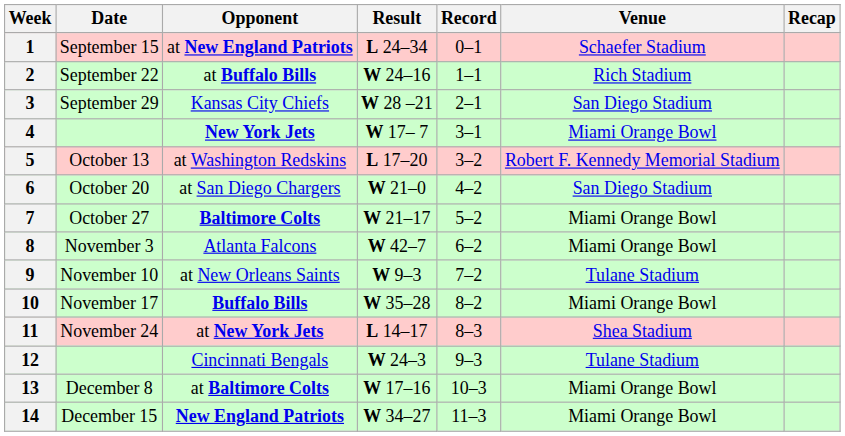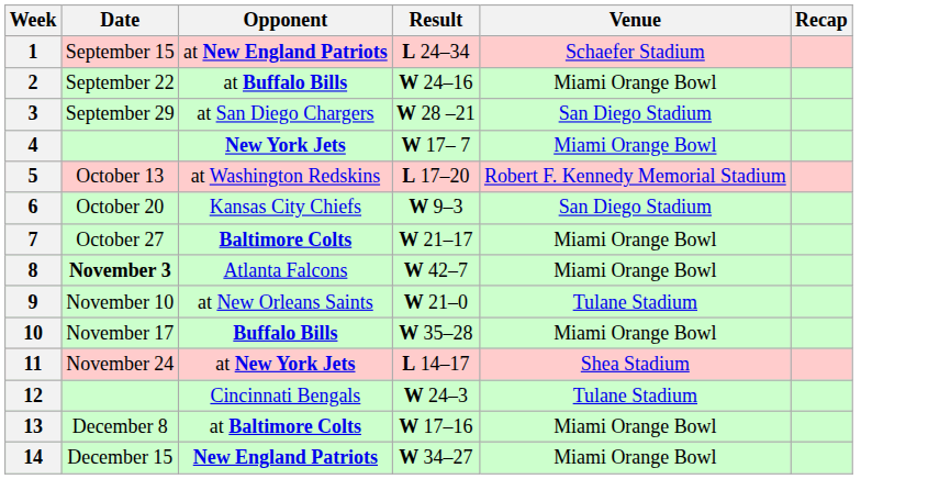 <table class="wikitable" style="text-align:center">
 <tr>
 <th>Week</th>
 <th>Date</th>
 <th>Opponent</th>
 <th>Result</th>
-<th>Record</th>
 <th>Venue</th>
 <th>Recap</th>
 </tr>
 <tr style="text-align:center; background:#fcc;">
 <th>1</th>
 <td>September 15</td>
 <td>at <strong><a href='#'>New England Patriots</a></strong></td>
 <td><strong>L</strong> 24–34</td>
-<td>0–1</td>
 <td><a href='#'>Schaefer Stadium</a></td>
 <td></td>
 </tr>
 <tr style="text-align:center; background:#cfc;">
 <th>2</th>
 <td>September 22</td>
 <td>at <strong><a href='#'>Buffalo Bills</a></strong></td>
 <td><strong>W</strong> 24–16</td>
-<td>1–1</td>
-<td><a href='#'>Rich Stadium</a></td>
+<td>Miami Orange Bowl</td>
 <td></td>
 </tr>
 <tr style="text-align:center; background:#cfc;">
 <th>3</th>
 <td>September 29</td>
-<td><a href='#'>Kansas City Chiefs</a></td>
+<td>at <a href='#'>San Diego Chargers</a></td>
 <td><strong>W</strong> 28 –21</td>
-<td>2–1</td>
 <td><a href='#'>San Diego Stadium</a></td>
 <td></td>
 </tr>
 <tr style="text-align:center; background:#cfc;">
 <th>4</th>
 <td></td>
 <td><strong><a href='#'>New York Jets</a></strong></td>
 <td><strong>W</strong> 17– 7</td>
-<td>3–1</td>
 <td><a href='#'>Miami Orange Bowl</a></td>
 <td></td>
 </tr>
 <tr style="text-align:center; background:#fcc;">
 <th>5</th>
 <td>October 13</td>
 <td>at <a href='#'>Washington Redskins</a></td>
 <td><strong>L</strong> 17–20</td>
-<td>3–2</td>
 <td><a href='#'>Robert F. Kennedy Memorial Stadium</a></td>
 <td></td>
 </tr>
 <tr style="text-align:center; background:#cfc;">
 <th>6</th>
 <td>October 20</td>
-<td>at <a href='#'>San Diego Chargers</a></td>
-<td><strong>W</strong> 21–0</td>
-<td>4–2</td>
+<td><a href='#'>Kansas City Chiefs</a></td>
+<td><strong>W</strong> 9–3</td>
 <td><a href='#'>San Diego Stadium</a></td>
 <td></td>
 </tr>
 <tr style="text-align:center; background:#cfc;">
 <th>7</th>
 <td>October 27</td>
 <td><strong><a href='#'>Baltimore Colts</a></strong></td>
 <td><strong>W</strong> 21–17</td>
-<td>5–2</td>
 <td>Miami Orange Bowl</td>
 <td></td>
 </tr>
 <tr style="text-align:center; background:#cfc;">
 <th>8</th>
-<td>November 3</td>
+<td><strong>November 3</strong></td>
 <td><a href='#'>Atlanta Falcons</a></td>
 <td><strong>W</strong> 42–7</td>
-<td>6–2</td>
 <td>Miami Orange Bowl</td>
 <td></td>
 </tr>
 <tr style="text-align:center; background:#cfc;">
 <th>9</th>
 <td>November 10</td>
 <td>at <a href='#'>New Orleans Saints</a></td>
-<td><strong>W</strong> 9–3</td>
-<td>7–2</td>
+<td><strong>W</strong> 21–0</td>
 <td><a href='#'>Tulane Stadium</a></td>
 <td></td>
 </tr>
 <tr style="text-align:center; background:#cfc;">
 <th>10</th>
 <td>November 17</td>
 <td><strong><a href='#'>Buffalo Bills</a></strong></td>
 <td><strong>W</strong> 35–28</td>
-<td>8–2</td>
 <td>Miami Orange Bowl</td>
 <td></td>
 </tr>
 <tr style="text-align:center; background:#fcc;">
 <th>11</th>
 <td>November 24</td>
 <td>at <strong><a href='#'>New York Jets</a></strong></td>
 <td><strong>L</strong> 14–17</td>
-<td>8–3</td>
 <td><a href='#'>Shea Stadium</a></td>
 <td></td>
 </tr>
 <tr style="text-align:center; background:#cfc;">
 <th>12</th>
 <td></td>
 <td><a href='#'>Cincinnati Bengals</a></td>
 <td><strong>W</strong> 24–3</td>
-<td>9–3</td>
 <td><a href='#'>Tulane Stadium</a></td>
 <td></td>
 </tr>
 <tr style="text-align:center; background:#cfc;">
 <th>13</th>
 <td>December 8</td>
 <td>at <strong><a href='#'>Baltimore Colts</a></strong></td>
 <td><strong>W</strong> 17–16</td>
-<td>10–3</td>
 <td>Miami Orange Bowl</td>
 <td></td>
 </tr>
 <tr style="text-align:center; background:#cfc;">
 <th>14</th>
 <td>December 15</td>
 <td><strong><a href='#'>New England Patriots</a></strong></td>
 <td><strong>W</strong> 34–27</td>
-<td>11–3</td>
 <td>Miami Orange Bowl</td>
 <td></td>
 </tr>
 </table>
